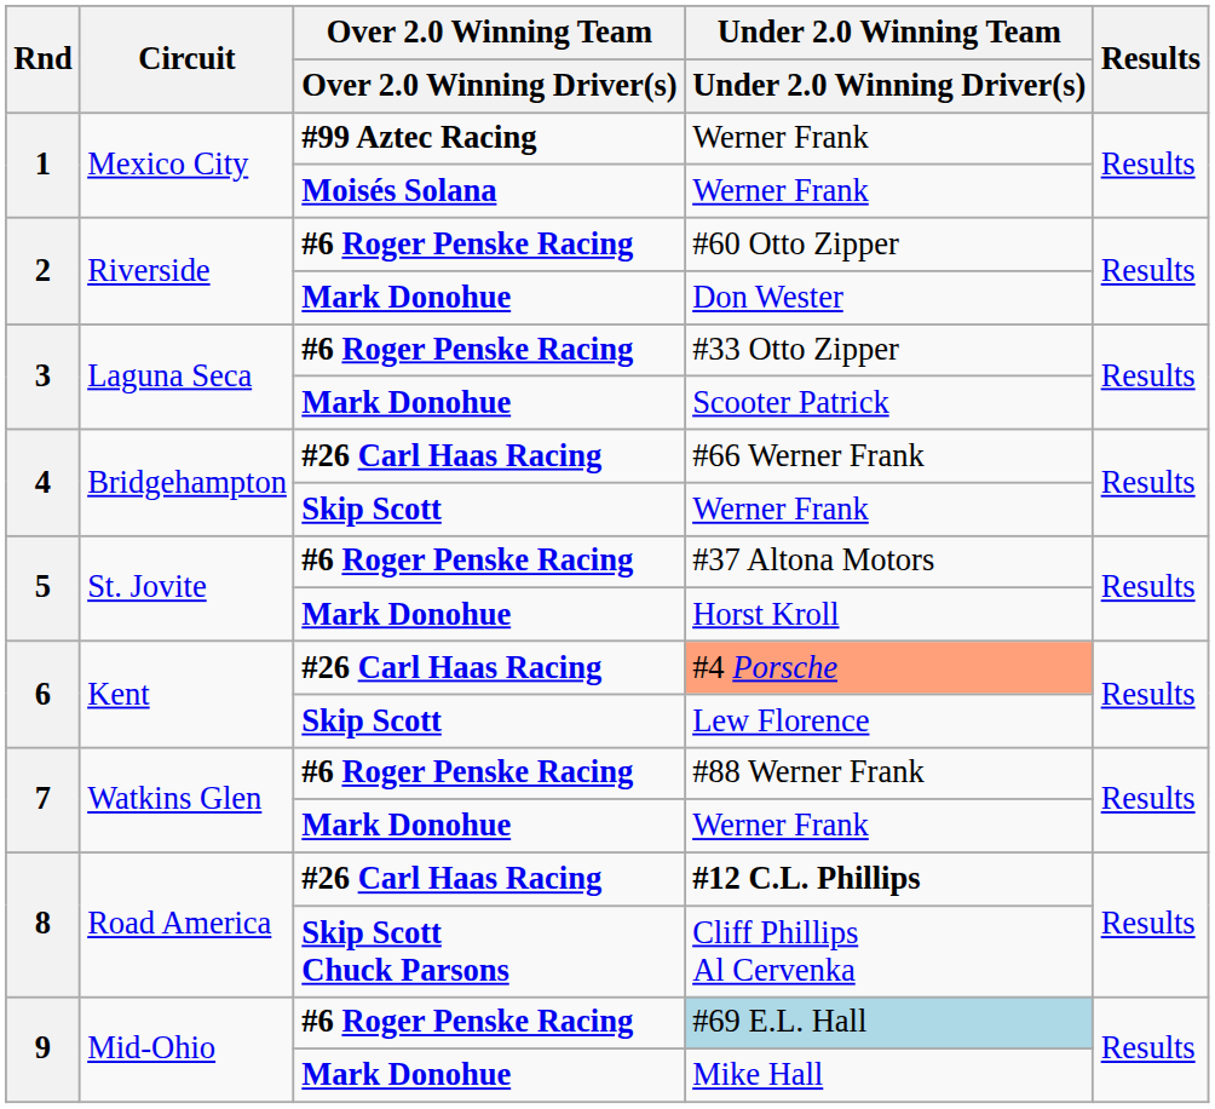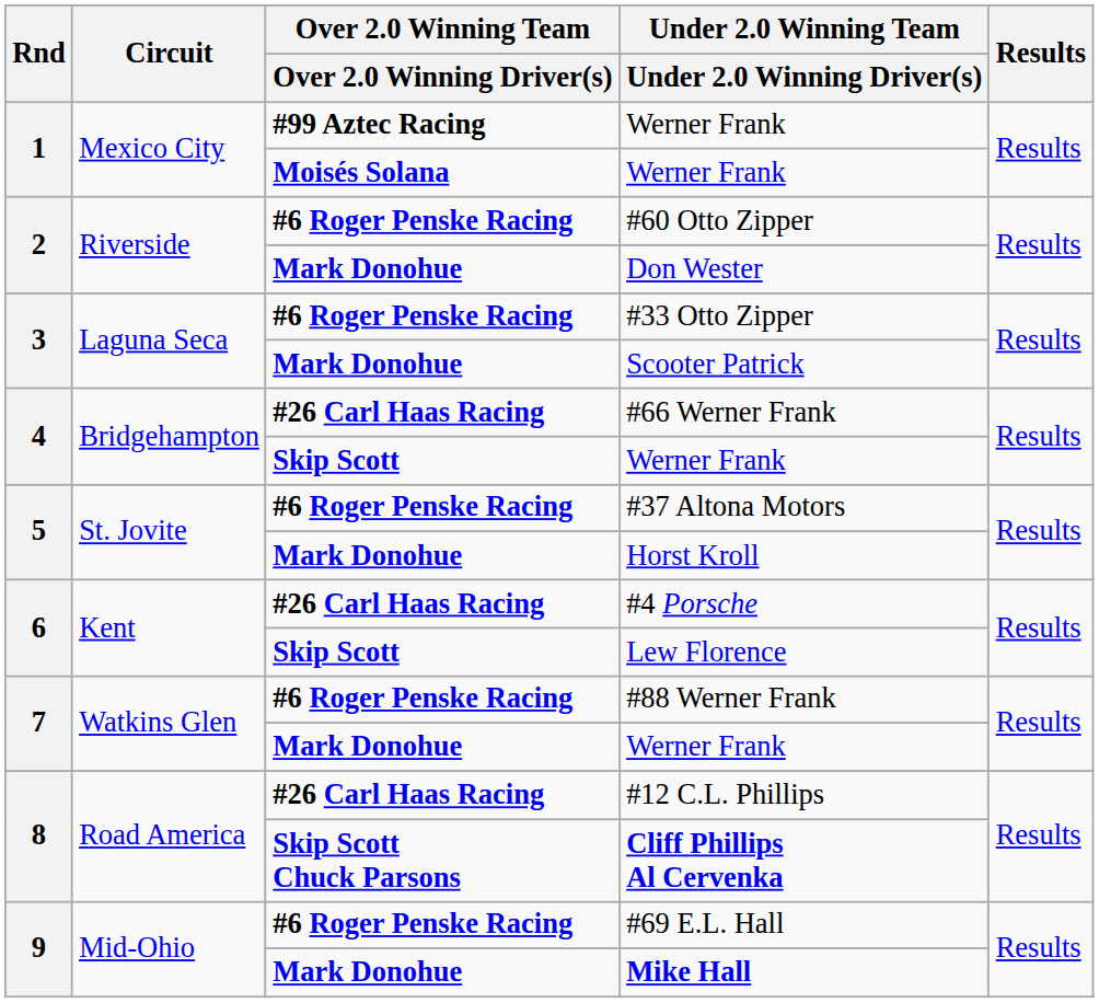 <table class="wikitable" style="font-size: 90%;">
 <tr>
 <th rowspan=2>Rnd</th>
 <th rowspan=2>Circuit</th>
 <th>Over 2.0 Winning Team</th>
 <th>Under 2.0 Winning Team</th>
 <th rowspan=2>Results</th>
 </tr>
 <tr>
 <th>Over 2.0 Winning Driver(s)</th>
 <th>Under 2.0 Winning Driver(s)</th>
 </tr>
 <tr>
 <th rowspan=2>1</th>
 <td rowspan=2><a href='#'>Mexico City</a></td>
 <td><strong>#99 Aztec Racing</strong></td>
 <td>Werner Frank</td>
 <td rowspan=2><a href='#'>Results</a></td>
 </tr>
 <tr>
 <td> <strong><a href='#'>Moisés Solana</a></strong></td>
 <td> <a href='#'>Werner Frank</a></td>
 </tr>
 <tr>
 <th rowspan=2>2</th>
 <td rowspan=2><a href='#'>Riverside</a></td>
 <td><strong>#6 <a href='#'>Roger Penske Racing</a></strong></td>
 <td>#60 Otto Zipper</td>
 <td rowspan=2><a href='#'>Results</a></td>
 </tr>
 <tr>
 <td> <strong><a href='#'>Mark Donohue</a></strong></td>
 <td> <a href='#'>Don Wester</a></td>
 </tr>
 <tr>
 <th rowspan=2>3</th>
 <td rowspan=2><a href='#'>Laguna Seca</a></td>
 <td><strong>#6 <a href='#'>Roger Penske Racing</a></strong></td>
 <td>#33 Otto Zipper</td>
 <td rowspan=2><a href='#'>Results</a></td>
 </tr>
 <tr>
 <td> <strong><a href='#'>Mark Donohue</a></strong></td>
 <td> <a href='#'>Scooter Patrick</a></td>
 </tr>
 <tr>
 <th rowspan=2>4</th>
 <td rowspan=2><a href='#'>Bridgehampton</a></td>
 <td><strong>#26 <a href='#'>Carl Haas Racing</a></strong></td>
 <td>#66 Werner Frank</td>
 <td rowspan=2><a href='#'>Results</a></td>
 </tr>
 <tr>
 <td> <strong><a href='#'>Skip Scott</a></strong></td>
 <td> <a href='#'>Werner Frank</a></td>
 </tr>
 <tr>
 <th rowspan=2>5</th>
 <td rowspan=2><a href='#'>St. Jovite</a></td>
 <td><strong>#6 <a href='#'>Roger Penske Racing</a></strong></td>
 <td>#37 Altona Motors</td>
 <td rowspan=2><a href='#'>Results</a></td>
 </tr>
 <tr>
 <td> <strong><a href='#'>Mark Donohue</a></strong></td>
 <td> <a href='#'>Horst Kroll</a></td>
 </tr>
 <tr>
 <th rowspan=2>6</th>
 <td rowspan=2><a href='#'>Kent</a></td>
 <td><strong>#26 <a href='#'>Carl Haas Racing</a></strong></td>
-<td style="background: lightsalmon;">#4 <em><a href='#'>Porsche</a></em></td>
+<td>#4 <em><a href='#'>Porsche</a></em></td>
 <td rowspan=2><a href='#'>Results</a></td>
 </tr>
 <tr>
 <td> <strong><a href='#'>Skip Scott</a></strong></td>
 <td> <a href='#'>Lew Florence</a></td>
 </tr>
 <tr>
 <th rowspan=2>7</th>
 <td rowspan=2><a href='#'>Watkins Glen</a></td>
 <td><strong>#6 <a href='#'>Roger Penske Racing</a></strong></td>
 <td>#88 Werner Frank</td>
 <td rowspan=2><a href='#'>Results</a></td>
 </tr>
 <tr>
 <td> <strong><a href='#'>Mark Donohue</a></strong></td>
 <td> <a href='#'>Werner Frank</a></td>
 </tr>
 <tr>
 <th rowspan=2>8</th>
 <td rowspan=2><a href='#'>Road America</a></td>
 <td><strong>#26 <a href='#'>Carl Haas Racing</a></strong></td>
-<td><strong>#12 C.L. Phillips</strong></td>
+<td>#12 C.L. Phillips</td>
 <td rowspan=2><a href='#'>Results</a></td>
 </tr>
 <tr>
 <td> <strong><a href='#'>Skip Scott</a></strong><br> <strong><a href='#'>Chuck Parsons</a></strong></td>
-<td> <a href='#'>Cliff Phillips</a><br> <a href='#'>Al Cervenka</a></td>
+<td><strong> <a href='#'>Cliff Phillips</a><br> <a href='#'>Al Cervenka</a></strong></td>
 </tr>
 <tr>
 <th rowspan=2>9</th>
 <td rowspan=2><a href='#'>Mid-Ohio</a></td>
 <td><strong>#6 <a href='#'>Roger Penske Racing</a></strong></td>
-<td style="background: lightblue;">#69 E.L. Hall</td>
+<td>#69 E.L. Hall</td>
 <td rowspan=2><a href='#'>Results</a></td>
 </tr>
 <tr>
 <td> <strong><a href='#'>Mark Donohue</a></strong></td>
-<td> <a href='#'>Mike Hall</a></td>
+<td><strong> <a href='#'>Mike Hall</a></strong></td>
 </tr>
 </table>
